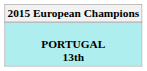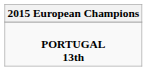 <table class="wikitable" style="text-align: center; margin: 0 auto;">
 <tr>
 <th>2015 European Champions</th>
 </tr>
 <tr>
 </tr>
 <tr>
-<td style="background: paleturquoise;"><br><strong>PORTUGAL</strong><br><strong>13th</strong></td>
+<td><br><strong>PORTUGAL</strong><br><strong>13th</strong></td>
 </tr>
 </table>
